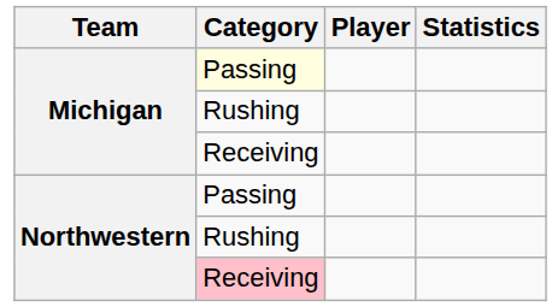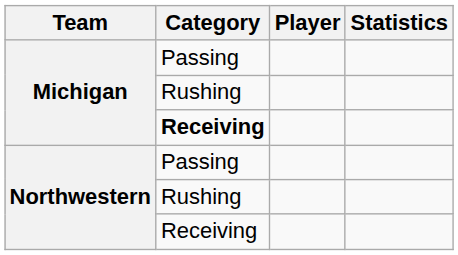 <table class="wikitable" style="float:right">
 <tr>
 <th>Team</th>
 <th>Category</th>
 <th>Player</th>
 <th>Statistics</th>
 </tr>
 <tr>
 <th rowspan=3>Michigan</th>
-<td style="background: lightyellow;">Passing</td>
+<td>Passing</td>
 <td></td>
 <td></td>
 </tr>
 <tr>
 <td>Rushing</td>
 <td></td>
 <td></td>
 </tr>
 <tr>
-<td>Receiving</td>
+<td><strong>Receiving</strong></td>
 <td></td>
 <td></td>
 </tr>
 <tr>
 <th rowspan=3>Northwestern</th>
 <td>Passing</td>
 <td></td>
 <td></td>
 </tr>
 <tr>
 <td>Rushing</td>
 <td></td>
 <td></td>
 </tr>
 <tr>
-<td style="background: pink;">Receiving</td>
+<td>Receiving</td>
 <td></td>
 <td></td>
 </tr>
 </table>
